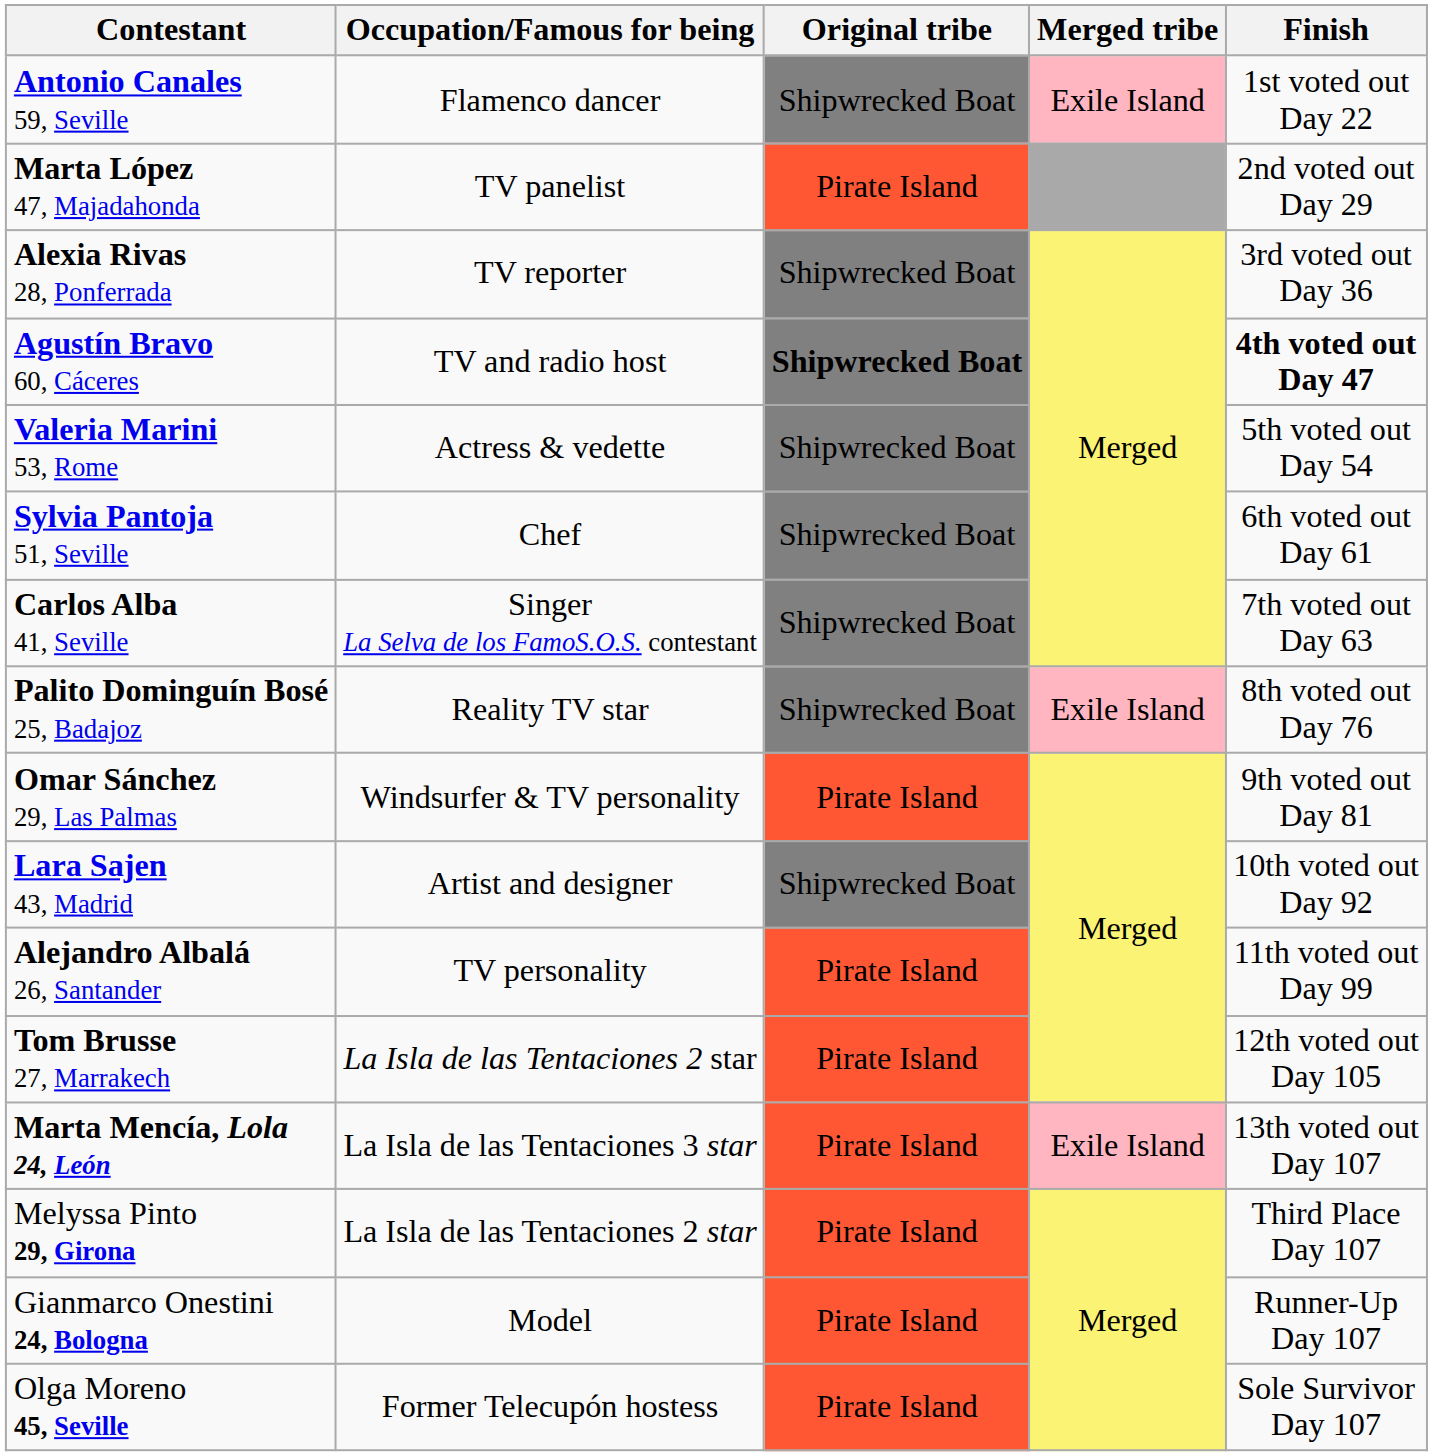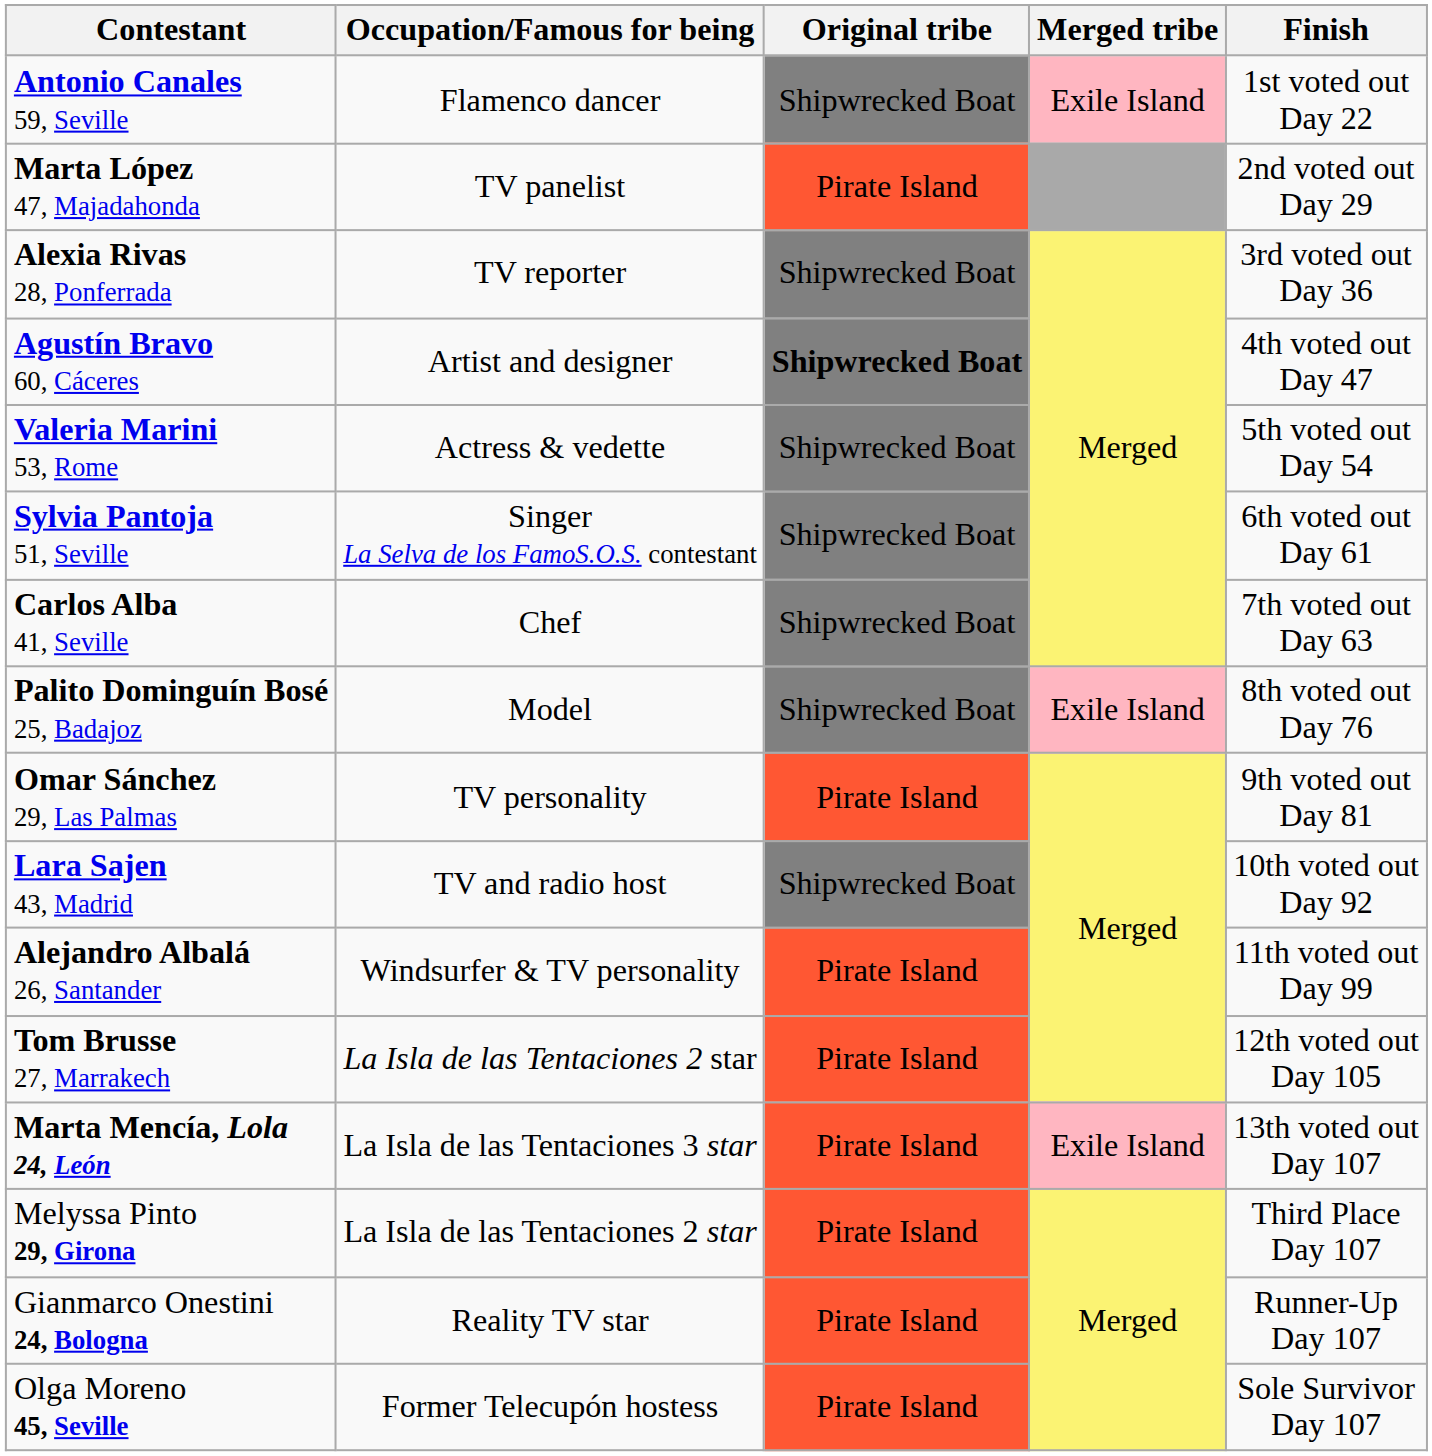 <table class="wikitable" style="margin:auto; text-align:center">
 <tr>
 <th>Contestant</th>
 <th>Occupation/Famous for being</th>
 <th>Original tribe</th>
 <th>Merged tribe</th>
 <th>Finish</th>
 </tr>
 <tr>
 <td align="left"><strong><a href='#'>Antonio Canales</a></strong> <br><small>59, <a href='#'>Seville</a></small></td>
 <td>Flamenco dancer</td>
 <td style="background-color:grey"><span>Shipwrecked Boat</span></td>
 <td style="background-color:lightpink;">Exile Island</td>
 <td>1st voted out<br>Day 22</td>
 </tr>
 <tr>
 <td align="left"><strong>Marta López</strong> <br><small>47, <a href='#'>Majadahonda</a></small></td>
 <td>TV panelist</td>
 <td style="background-color:#FF5733;">Pirate Island</td>
 <td style="background-color: darkgray;"></td>
 <td>2nd voted out<br>Day 29</td>
 </tr>
 <tr>
 <td align="left"><strong>Alexia Rivas</strong> <br><small>28, <a href='#'>Ponferrada</a></small></td>
 <td>TV reporter</td>
 <td style="background-color:grey"><span>Shipwrecked Boat</span></td>
 <td bgcolor="#FBF373" rowspan=5 align="center">Merged</td>
 <td>3rd voted out<br>Day 36</td>
 </tr>
 <tr>
 <td align="left"><strong><a href='#'>Agustín Bravo</a></strong> <br><small>60, <a href='#'>Cáceres</a></small></td>
-<td>TV and radio host</td>
+<td>Artist and designer</td>
 <td style="background-color:grey"><strong><span>Shipwrecked Boat</span></strong></td>
-<td><strong>4th voted out<br>Day 47</strong></td>
+<td>4th voted out<br>Day 47</td>
 </tr>
 <tr>
 <td align="left"><strong><a href='#'>Valeria Marini</a></strong> <br><small> 53, <a href='#'>Rome</a></small></td>
 <td>Actress & vedette</td>
 <td style="background-color:grey"><span>Shipwrecked Boat</span></td>
 <td>5th voted out<br>Day 54</td>
 </tr>
 <tr>
 <td align="left"><strong><a href='#'>Sylvia Pantoja</a></strong> <br><small>51, <a href='#'>Seville</a></small></td>
-<td>Chef</td>
+<td>Singer<br><small><em><a href='#'>La Selva de los FamoS.O.S.</a></em> contestant</small></td>
 <td style="background-color:grey"><span>Shipwrecked Boat</span></td>
 <td>6th voted out<br>Day 61</td>
 </tr>
 <tr>
 <td align="left"><strong>Carlos Alba</strong> <br><small>41, <a href='#'>Seville</a></small></td>
-<td>Singer<br><small><em><a href='#'>La Selva de los FamoS.O.S.</a></em> contestant</small></td>
+<td>Chef</td>
 <td style="background-color:grey"><span>Shipwrecked Boat</span></td>
 <td>7th voted out<br>Day 63</td>
 </tr>
 <tr>
 <td align="left"><strong>Palito Dominguín Bosé</strong> <br><small>25, <a href='#'>Badajoz</a></small></td>
-<td>Reality TV star</td>
+<td>Model</td>
 <td style="background-color:grey"><span>Shipwrecked Boat</span></td>
 <td style="background-color:lightpink;">Exile Island</td>
 <td>8th voted out<br>Day 76</td>
 </tr>
 <tr>
 <td align="left"><strong>Omar Sánchez</strong> <br><small>29, <a href='#'>Las Palmas</a></small></td>
-<td>Windsurfer & TV personality</td>
+<td>TV personality</td>
 <td style="background-color:#FF5733;">Pirate Island</td>
 <td rowspan="4" bgcolor="#FBF373" align="center">Merged</td>
 <td>9th voted out<br>Day 81</td>
 </tr>
 <tr>
 <td align="left"><strong><a href='#'>Lara Sajen</a></strong> <br><small> 43, <a href='#'>Madrid</a></small></td>
-<td>Artist and designer</td>
+<td>TV and radio host</td>
 <td style="background-color:grey"><span>Shipwrecked Boat</span></td>
 <td>10th voted out<br>Day 92</td>
 </tr>
 <tr>
 <td align="left"><strong>Alejandro Albalá</strong> <br><small>26, <a href='#'>Santander</a></small></td>
-<td>TV personality</td>
+<td>Windsurfer & TV personality</td>
 <td style="background-color:#FF5733;">Pirate Island</td>
 <td>11th voted out<br>Day 99</td>
 </tr>
 <tr>
 <td align="left"><strong>Tom Brusse</strong> <br><small> 27, <a href='#'>Marrakech</a></small></td>
 <td><em>La Isla de las Tentaciones 2</em> star</td>
 <td style="background-color:#FF5733;">Pirate Island</td>
 <td>12th voted out<br>Day 105</td>
 </tr>
 <tr>
 <td align="left"><strong>Marta Mencía, <em>Lola<strong><em> <br><small>24, <a href='#'>León</a></small></td>
 <td></em>La Isla de las Tentaciones 3<em> star</td>
 <td style="background-color:#FF5733;">Pirate Island</td>
 <td style="background-color:lightpink;">Exile Island</td>
 <td>13th voted out<br>Day 107</td>
 </tr>
 <tr>
 <td align="left"></strong>Melyssa Pinto<strong> <br><small>29, <a href='#'>Girona</a></small></td>
 <td></em>La Isla de las Tentaciones 2<em> star</td>
 <td style="background-color:#FF5733;">Pirate Island</td>
 <td bgcolor="#FBF373" rowspan=3 align="center">Merged</td>
 <td>Third Place<br>Day 107</td>
 </tr>
 <tr>
 <td align="left"></strong>Gianmarco Onestini<strong> <br><small> 24, <a href='#'>Bologna</a></small></td>
-<td>Model</td>
+<td>Reality TV star</td>
 <td style="background-color:#FF5733;">Pirate Island</td>
 <td>Runner-Up<br>Day 107</td>
 </tr>
 <tr>
 <td align="left"></strong>Olga Moreno<strong> <br><small>45, <a href='#'>Seville</a></small></td>
 <td>Former Telecupón hostess</td>
 <td style="background-color:#FF5733;">Pirate Island</td>
 <td>Sole Survivor<br>Day 107</td>
 </tr>
 </table>
